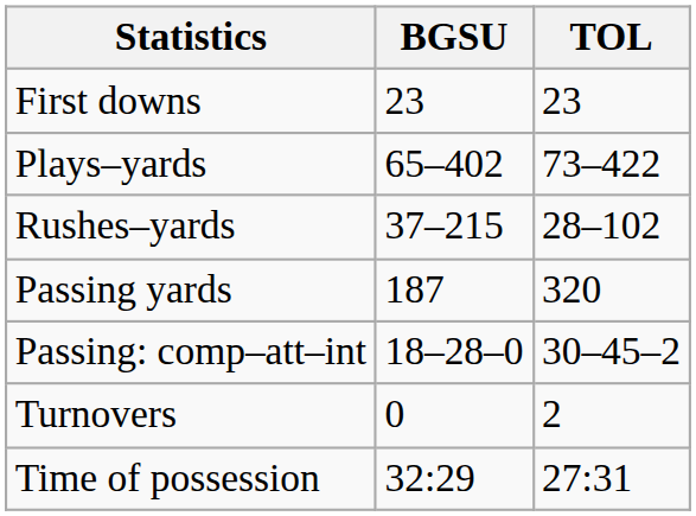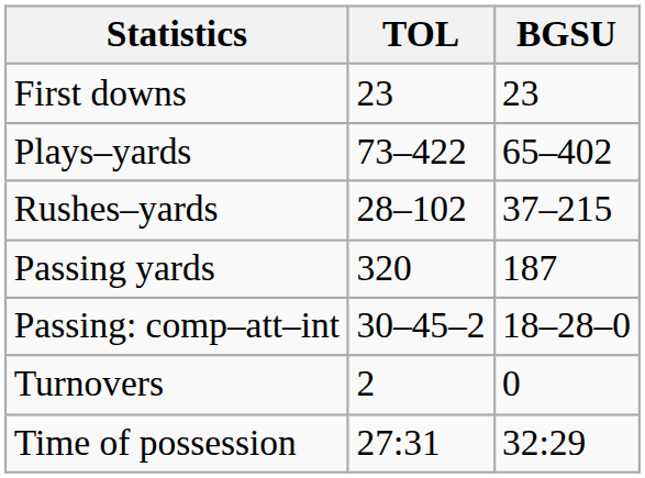 <table class="wikitable" style="float:left">
 <tr>
 <th>Statistics</th>
+<th>TOL</th>
 <th>BGSU</th>
-<th>TOL</th>
 </tr>
 <tr>
 <td>First downs</td>
 <td>23</td>
 <td>23</td>
 </tr>
 <tr>
 <td>Plays–yards</td>
+<td>73–422</td>
 <td>65–402</td>
-<td>73–422</td>
 </tr>
 <tr>
 <td>Rushes–yards</td>
+<td>28–102</td>
 <td>37–215</td>
-<td>28–102</td>
 </tr>
 <tr>
 <td>Passing yards</td>
+<td>320</td>
 <td>187</td>
-<td>320</td>
 </tr>
 <tr>
 <td>Passing: comp–att–int</td>
+<td>30–45–2</td>
 <td>18–28–0</td>
-<td>30–45–2</td>
 </tr>
 <tr>
 <td>Turnovers</td>
+<td>2</td>
 <td>0</td>
-<td>2</td>
 </tr>
 <tr>
 <td>Time of possession</td>
+<td>27:31</td>
 <td>32:29</td>
-<td>27:31</td>
 </tr>
 </table>
